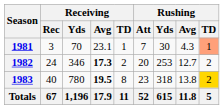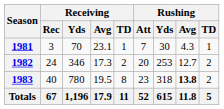 <table class=wikitable style="text-align:center;">
 <tr>
 <th rowspan="2">Season</th>
 <th colspan="4">Receiving</th>
 <th colspan="4">Rushing</th>
 </tr>
 <tr>
 <th>Rec</th>
 <th>Yds</th>
 <th>Avg</th>
 <th>TD</th>
 <th>Att</th>
 <th>Yds</th>
 <th>Avg</th>
 <th>TD</th>
 </tr>
 <tr>
 <th><a href='#'>1981</a></th>
 <td>3</td>
 <td>70</td>
 <td>23.1</td>
 <td>1</td>
 <td>7</td>
 <td>30</td>
 <td>4.3</td>
-<td style="background: lightsalmon;">1</td>
+<td>1</td>
 </tr>
 <tr>
 <th><a href='#'>1982</a></th>
 <td>24</td>
 <td>346</td>
-<td><strong>17.3</strong></td>
+<td>17.3</td>
 <td>2</td>
 <td>20</td>
 <td>253</td>
 <td>12.7</td>
 <td>2</td>
 </tr>
 <tr>
 <th><a href='#'>1983</a></th>
 <td>40</td>
 <td>780</td>
-<td><strong>19.5</strong></td>
+<td>19.5</td>
 <td>8</td>
 <td>23</td>
 <td>318</td>
-<td>13.8</td>
-<td style="background: gold;">2</td>
+<td><strong>13.8</strong></td>
+<td>2</td>
 </tr>
 <tr>
 <th>Totals</th>
 <th>67</th>
 <th>1,196</th>
 <th>17.9</th>
 <th>11</th>
 <th>52</th>
 <th>615</th>
 <th>11.8</th>
 <th>5</th>
 </tr>
 </table>
